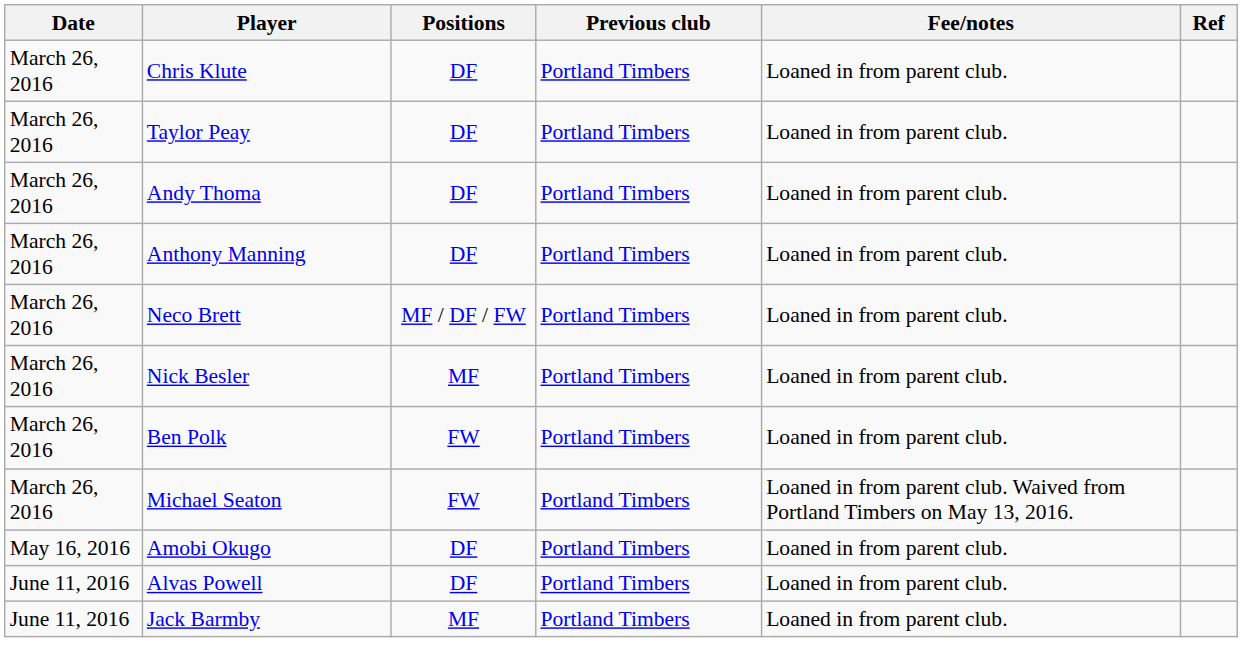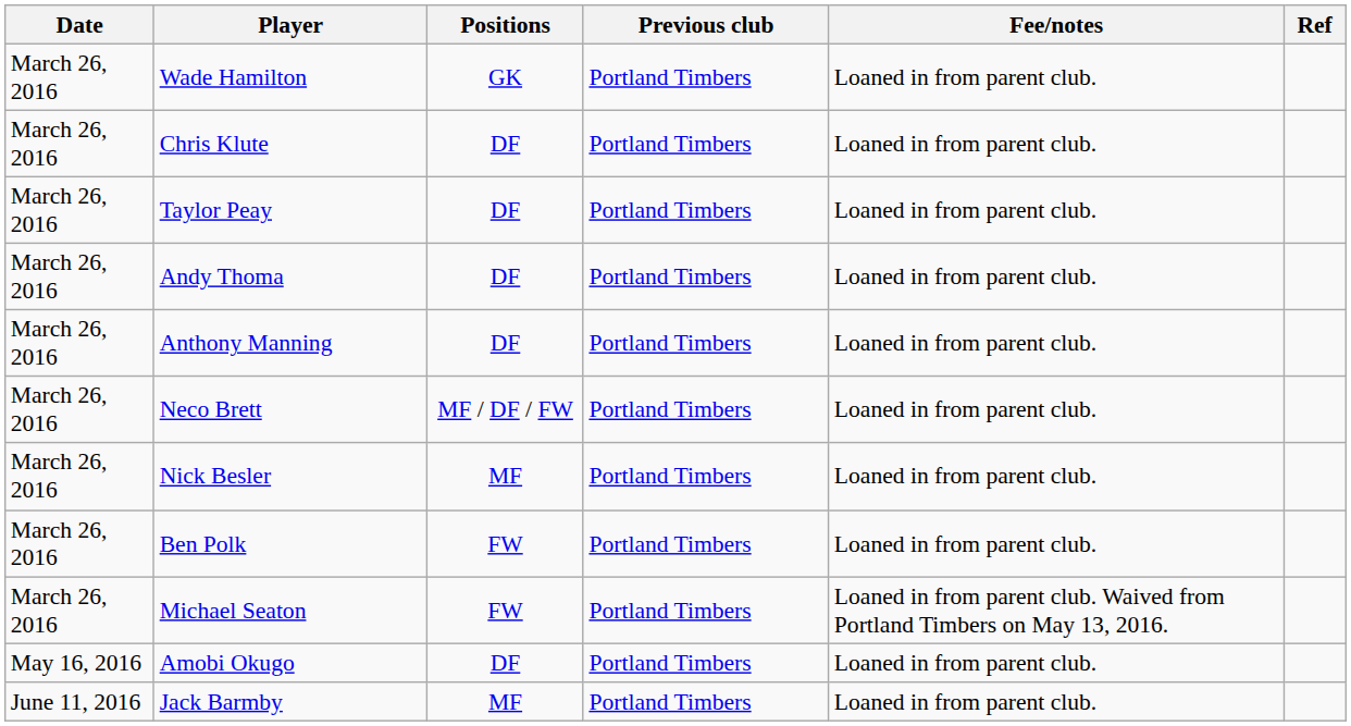 <table class="wikitable" style="text-align:left; font-size:95%;">
 <tr>
 <th style="width:125px;">Date</th>
 <th style="width:250px;">Player</th>
 <th style="width:120px;">Positions</th>
 <th style="width:220px;">Previous club</th>
 <th style="width:450px;">Fee/notes</th>
 <th style="width:40px;">Ref</th>
+</tr>
+<tr>
+<td>March 26, 2016</td>
+<td> <a href='#'>Wade Hamilton</a></td>
+<td style="text-align:center;"><a href='#'>GK</a></td>
+<td> <a href='#'>Portland Timbers</a></td>
+<td>Loaned in from parent club.</td>
+<td></td>
 </tr>
 <tr>
 <td>March 26, 2016</td>
 <td> <a href='#'>Chris Klute</a></td>
 <td style="text-align:center;"><a href='#'>DF</a></td>
 <td> <a href='#'>Portland Timbers</a></td>
 <td>Loaned in from parent club.</td>
 <td></td>
 </tr>
 <tr>
 <td>March 26, 2016</td>
 <td> <a href='#'>Taylor Peay</a></td>
 <td style="text-align:center;"><a href='#'>DF</a></td>
 <td> <a href='#'>Portland Timbers</a></td>
 <td>Loaned in from parent club.</td>
 <td></td>
 </tr>
 <tr>
 <td>March 26, 2016</td>
 <td> <a href='#'>Andy Thoma</a></td>
 <td style="text-align:center;"><a href='#'>DF</a></td>
 <td> <a href='#'>Portland Timbers</a></td>
 <td>Loaned in from parent club.</td>
 <td></td>
 </tr>
 <tr>
 <td>March 26, 2016</td>
 <td> <a href='#'>Anthony Manning</a></td>
 <td style="text-align:center;"><a href='#'>DF</a></td>
 <td> <a href='#'>Portland Timbers</a></td>
 <td>Loaned in from parent club.</td>
 <td></td>
 </tr>
 <tr>
 <td>March 26, 2016</td>
 <td> <a href='#'>Neco Brett</a></td>
 <td style="text-align:center;"><a href='#'>MF</a> / <a href='#'>DF</a> / <a href='#'>FW</a></td>
 <td> <a href='#'>Portland Timbers</a></td>
 <td>Loaned in from parent club.</td>
 <td></td>
 </tr>
 <tr>
 <td>March 26, 2016</td>
 <td> <a href='#'>Nick Besler</a></td>
 <td style="text-align:center;"><a href='#'>MF</a></td>
 <td> <a href='#'>Portland Timbers</a></td>
 <td>Loaned in from parent club.</td>
 <td></td>
 </tr>
 <tr>
 <td>March 26, 2016</td>
 <td> <a href='#'>Ben Polk</a></td>
 <td style="text-align:center;"><a href='#'>FW</a></td>
 <td> <a href='#'>Portland Timbers</a></td>
 <td>Loaned in from parent club.</td>
 <td></td>
 </tr>
 <tr>
 <td>March 26, 2016</td>
 <td> <a href='#'>Michael Seaton</a></td>
 <td style="text-align:center;"><a href='#'>FW</a></td>
 <td> <a href='#'>Portland Timbers</a></td>
 <td>Loaned in from parent club. Waived from Portland Timbers on May 13, 2016.</td>
 <td></td>
 </tr>
 <tr>
 <td>May 16, 2016</td>
 <td> <a href='#'>Amobi Okugo</a></td>
 <td style="text-align:center;"><a href='#'>DF</a></td>
 <td> <a href='#'>Portland Timbers</a></td>
 <td>Loaned in from parent club.</td>
 <td></td>
 </tr>
 <tr>
 <td>June 11, 2016</td>
-<td> <a href='#'>Alvas Powell</a></td>
-<td style="text-align:center;"><a href='#'>DF</a></td>
-<td> <a href='#'>Portland Timbers</a></td>
-<td>Loaned in from parent club.</td>
-<td></td>
-</tr>
-<tr>
-<td>June 11, 2016</td>
 <td> <a href='#'>Jack Barmby</a></td>
 <td style="text-align:center;"><a href='#'>MF</a></td>
 <td> <a href='#'>Portland Timbers</a></td>
 <td>Loaned in from parent club.</td>
 <td></td>
 </tr>
 </table>
